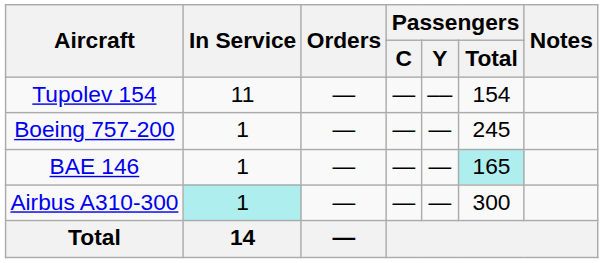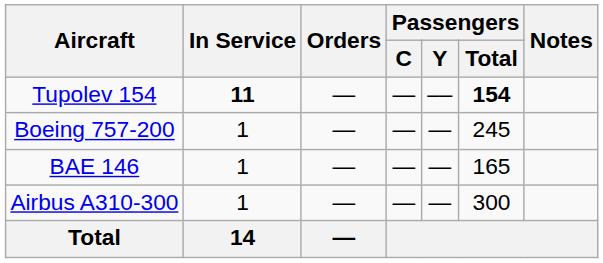 <table class="wikitable" style="margin:1em auto; border-collapse:collapse;text-align:center">
 <tr>
 <th rowspan="2">Aircraft</th>
 <th rowspan="2">In Service</th>
 <th rowspan="2">Orders</th>
 <th colspan="3">Passengers</th>
 <th rowspan="2">Notes</th>
 </tr>
 <tr>
 <th><abbr>C</abbr></th>
 <th><abbr>Y</abbr></th>
 <th>Total</th>
 </tr>
 <tr>
 <td><a href='#'>Tupolev 154</a></td>
-<td>11</td>
+<td><strong>11</strong></td>
 <td>—</td>
 <td>—</td>
 <td>––</td>
-<td>154</td>
+<td><strong>154</strong></td>
 <td></td>
 </tr>
 <tr>
 <td><a href='#'>Boeing 757-200</a></td>
 <td align="center">1</td>
 <td align=center>—</td>
 <td>—</td>
 <td>—</td>
 <td>245</td>
 <td></td>
 </tr>
 <tr>
 <td><a href='#'>BAE 146</a></td>
 <td align=center>1</td>
 <td align=center>—</td>
 <td>—</td>
 <td>—</td>
-<td style="background: paleturquoise;">165</td>
+<td>165</td>
 <td></td>
 </tr>
 <tr>
 <td><a href='#'>Airbus A310-300</a></td>
-<td align="center" style="background: paleturquoise;">1</td>
+<td align="center">1</td>
 <td align=center>—</td>
 <td>—</td>
 <td>—</td>
 <td>300</td>
 <td></td>
 </tr>
 <tr>
 <th>Total</th>
 <th>14</th>
 <th>—</th>
 <th colspan="4"></th>
 </tr>
 </table>
